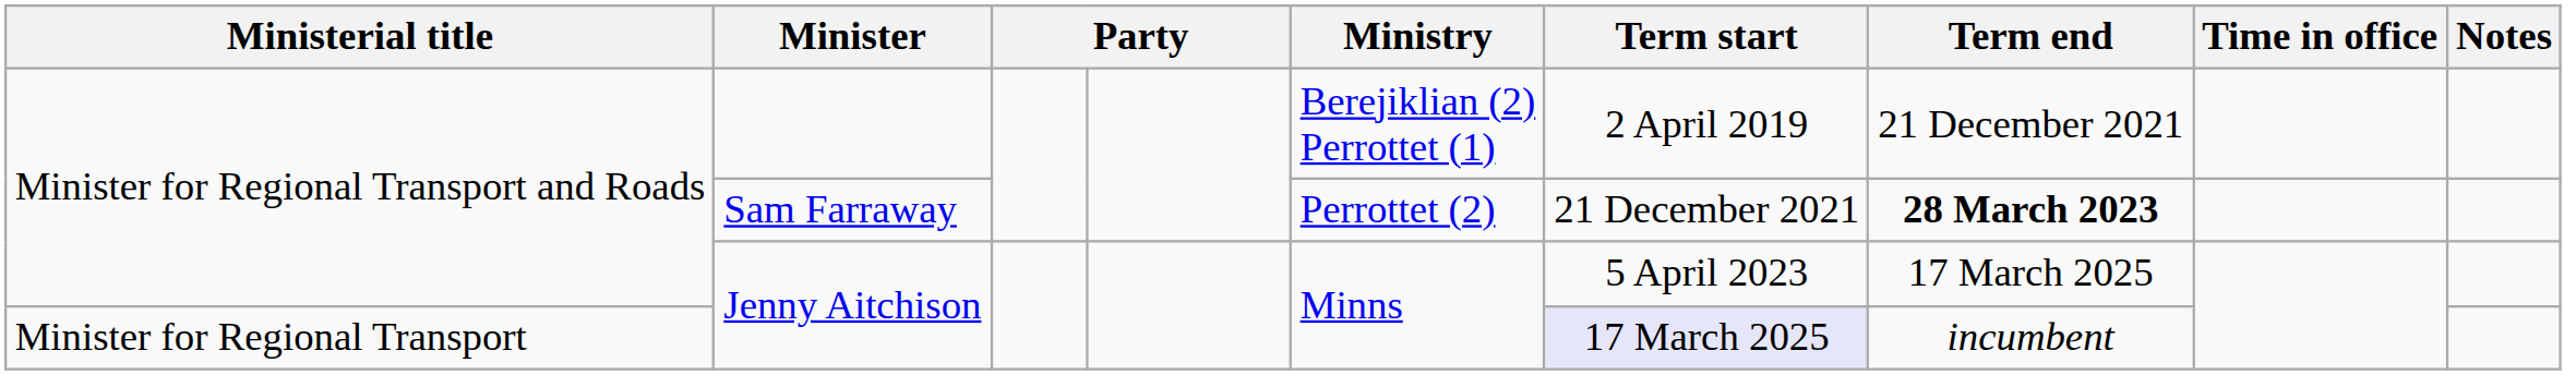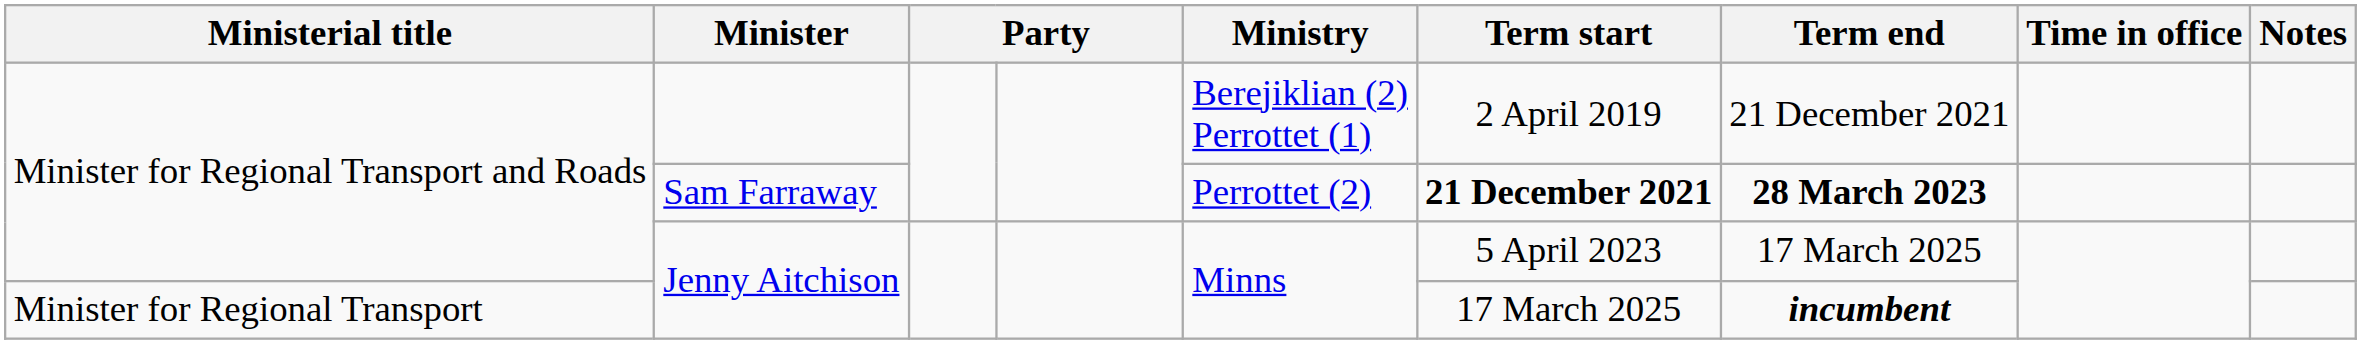 <table class="wikitable sortable">
 <tr>
 <th>Ministerial title</th>
 <th>Minister</th>
 <th colspan=2>Party</th>
 <th>Ministry</th>
 <th>Term start</th>
 <th>Term end</th>
 <th>Time in office</th>
 <th class="unsortable">Notes</th>
 </tr>
 <tr>
 <td rowspan=3>Minister for Regional Transport and Roads</td>
 <td></td>
 <td rowspan=2 > </td>
 <td rowspan=2 width=8%></td>
 <td><a href='#'>Berejiklian (2)</a><br><a href='#'>Perrottet (1)</a></td>
 <td align=center>2 April 2019</td>
 <td align=center>21 December 2021</td>
 <td align=right></td>
 <td></td>
 </tr>
 <tr>
 <td><a href='#'>Sam Farraway</a></td>
 <td><a href='#'>Perrottet (2)</a></td>
-<td align=center>21 December 2021</td>
+<td align=center><strong>21 December 2021</strong></td>
 <td align=center><strong>28 March 2023</strong></td>
 <td align=right></td>
 <td></td>
 </tr>
 <tr>
 <td rowspan=2><a href='#'>Jenny Aitchison</a></td>
 <td rowspan=2 > </td>
 <td rowspan=2 width=8%></td>
 <td rowspan=2><a href='#'>Minns</a></td>
 <td align=center>5 April 2023</td>
 <td align=center>17 March 2025</td>
 <td rowspan=2 align=right></td>
 <td></td>
 </tr>
 <tr>
 <td>Minister for Regional Transport</td>
-<td align=center style="background: lavender;">17 March 2025</td>
-<td align=center><em>incumbent</em></td>
+<td align=center>17 March 2025</td>
+<td align=center><strong><em>incumbent</em></strong></td>
 </tr>
 </table>
